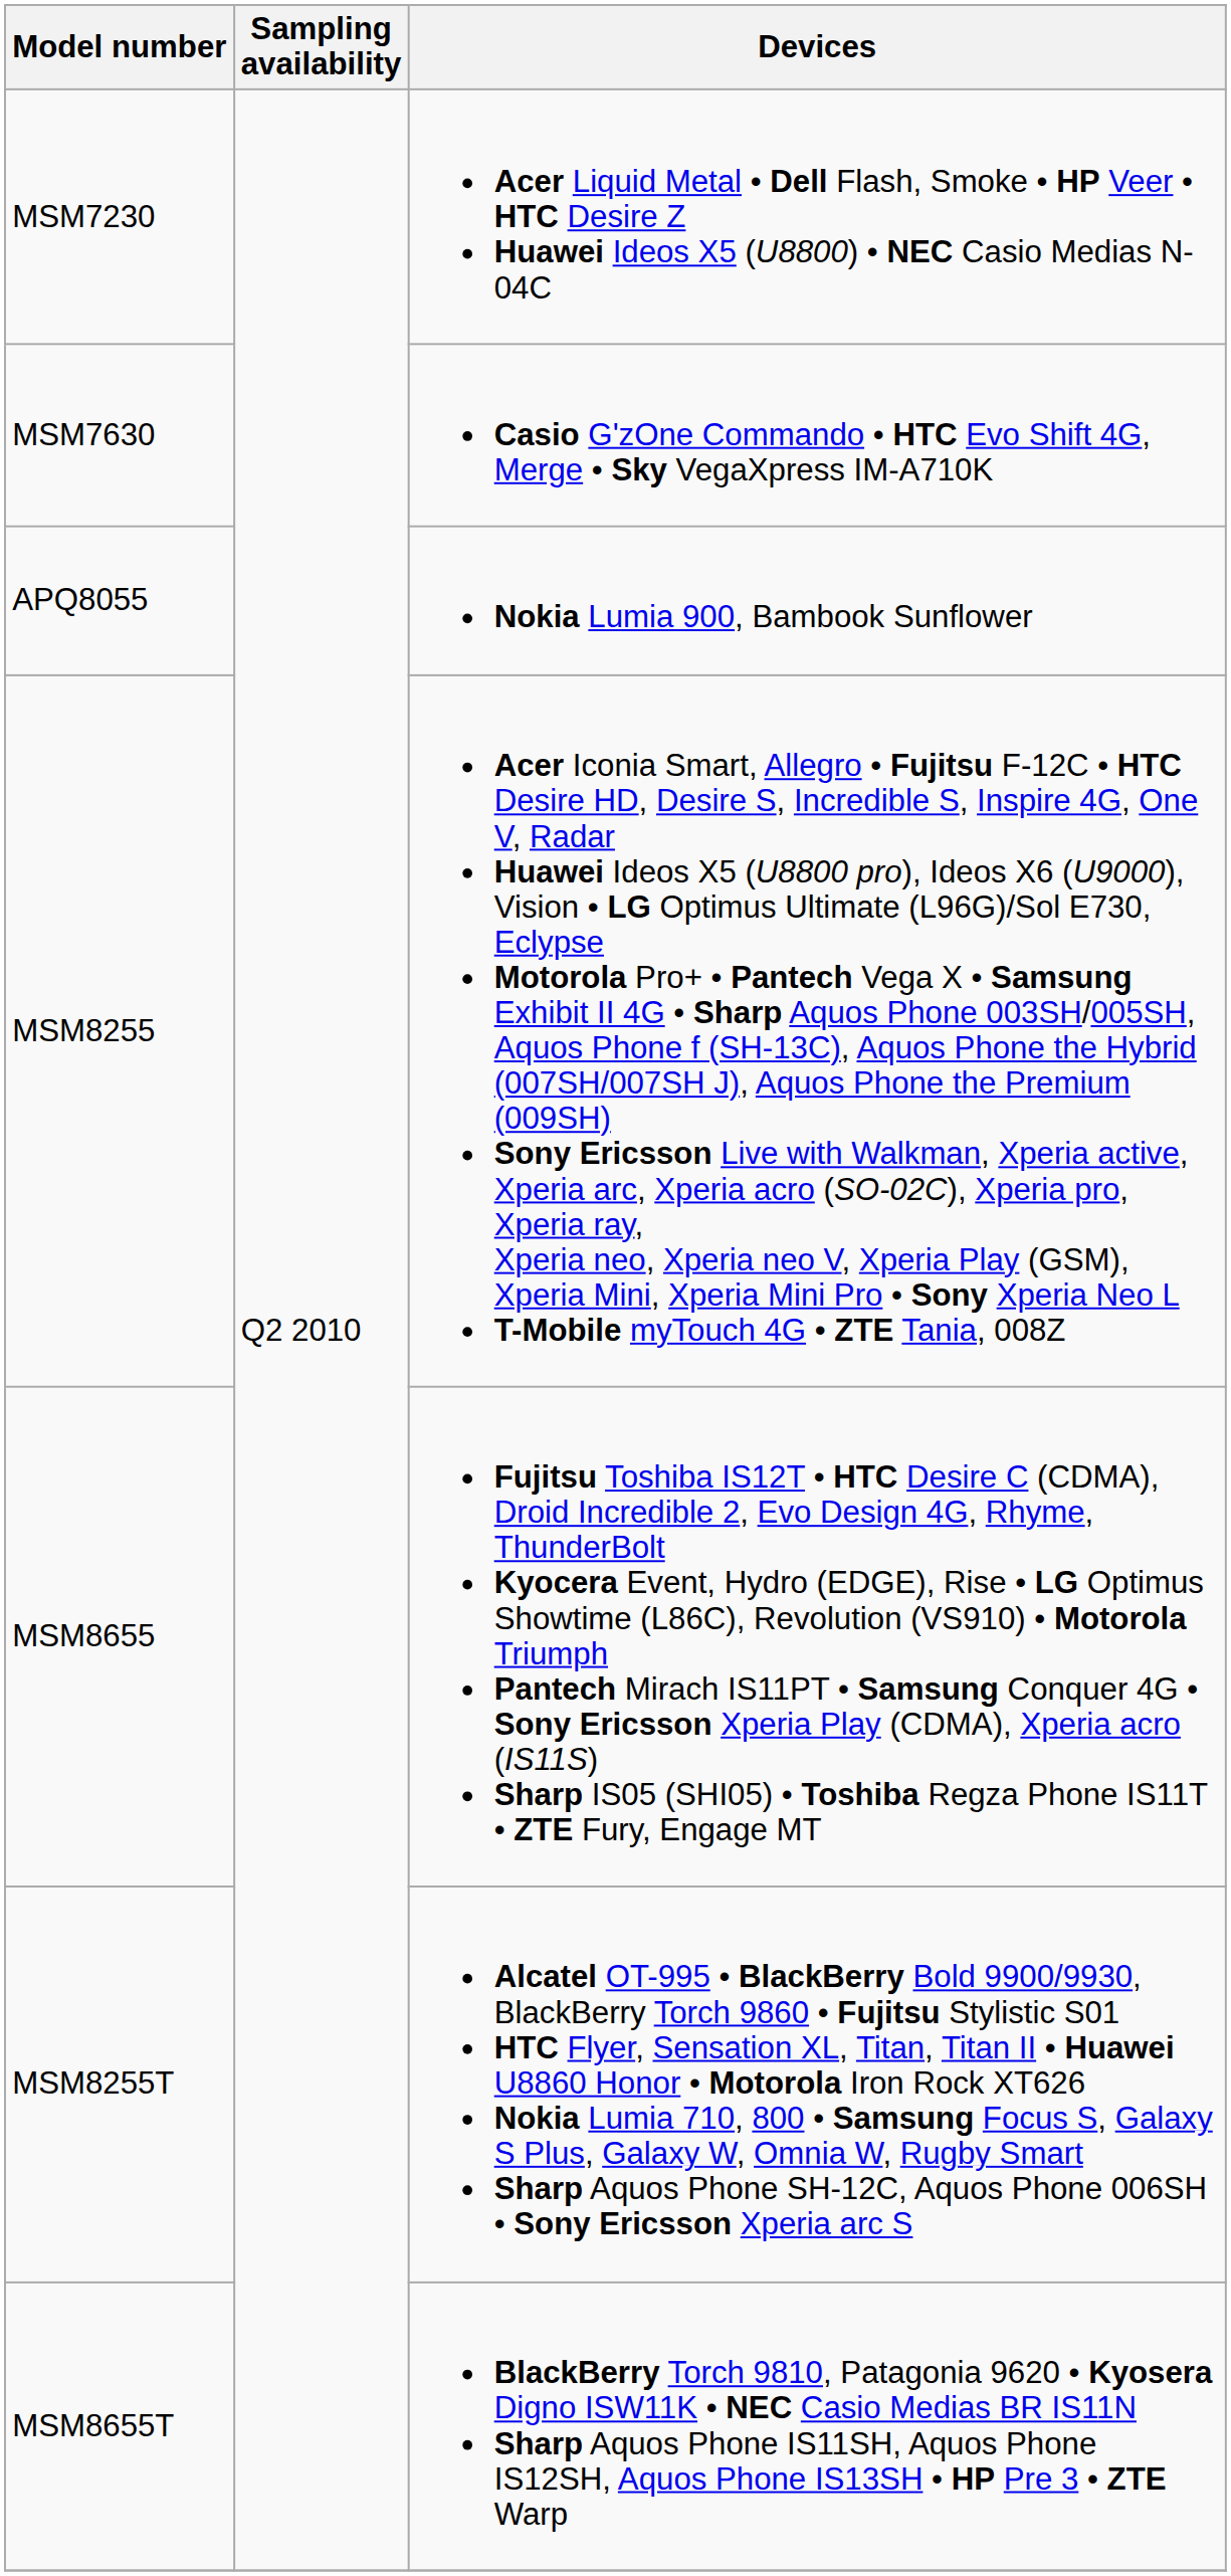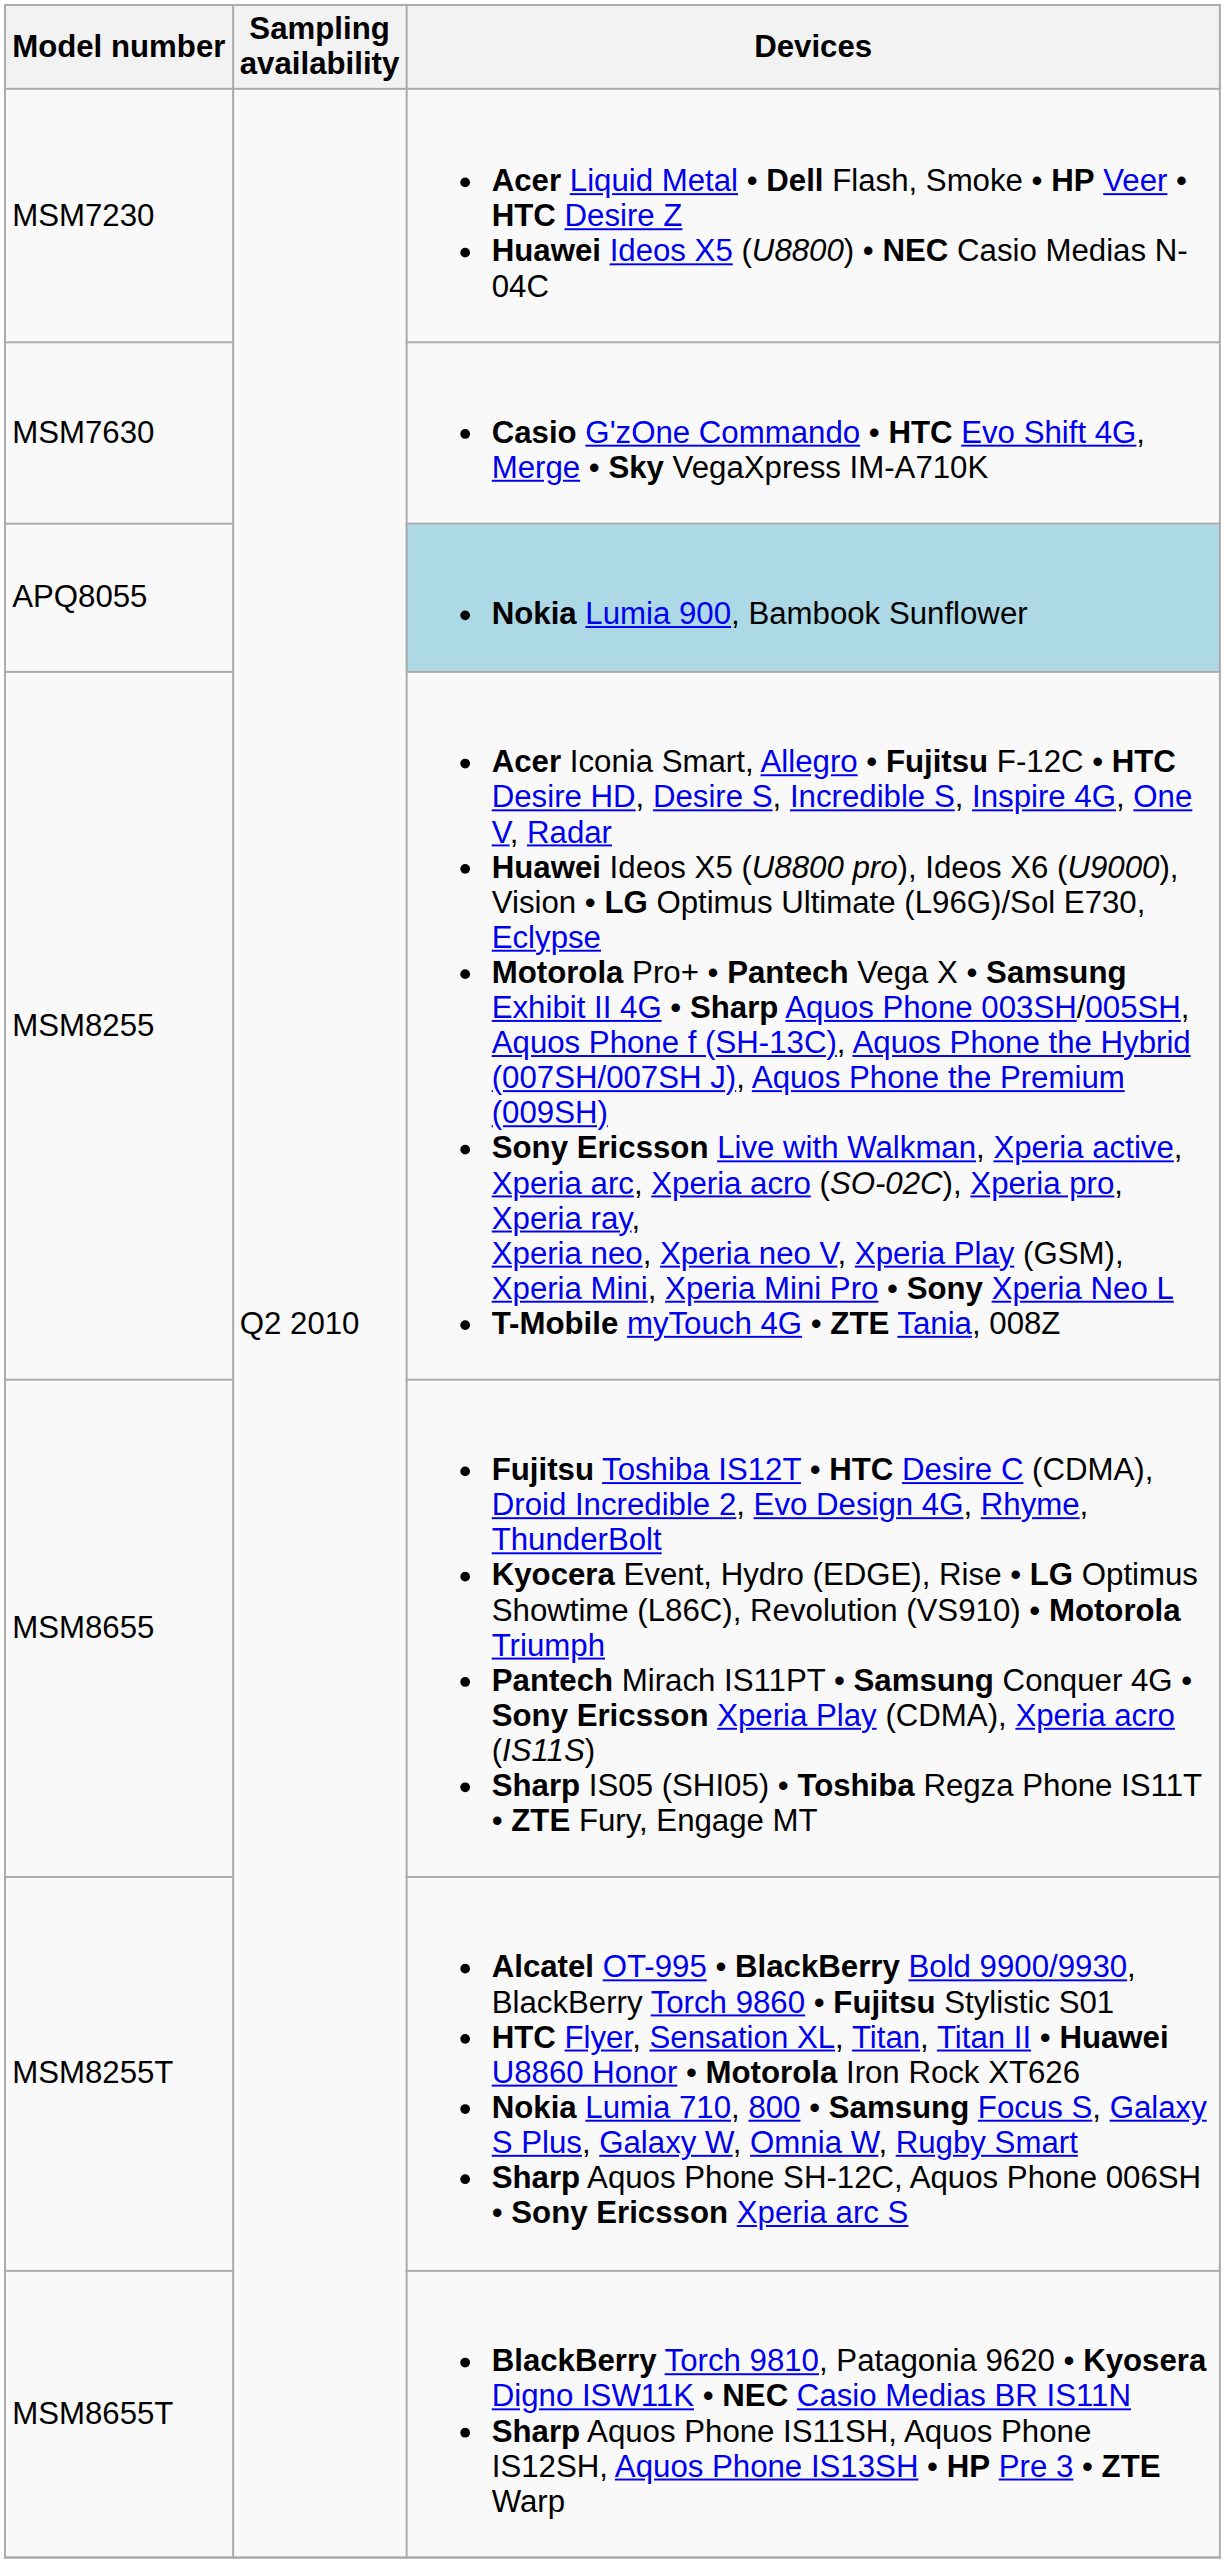 <table class="wikitable" style="width:100%">
 <tr>
 <th>Model number</th>
 <th>Sampling<br>availability</th>
 <th>Devices</th>
 </tr>
 <tr>
 <td>MSM7230</td>
 <td rowspan="7">Q2 2010</td>
 <td><br><ul><li><strong>Acer</strong> <a href='#'>Liquid Metal</a> • <strong>Dell</strong> Flash, Smoke • <strong>HP</strong> <a href='#'>Veer</a> • <strong>HTC</strong> <a href='#'>Desire Z</a></li><li><strong>Huawei</strong> <a href='#'>Ideos X5</a> (<em>U8800</em>) • <strong>NEC</strong> Casio Medias N-04C</li></ul></td>
 </tr>
 <tr>
 <td>MSM7630</td>
 <td><br><ul><li><strong>Casio</strong> <a href='#'>G'zOne Commando</a> • <strong>HTC</strong> <a href='#'>Evo Shift 4G</a>, <a href='#'>Merge</a> • <strong>Sky</strong> VegaXpress IM-A710K</li></ul></td>
 </tr>
 <tr>
 <td>APQ8055</td>
-<td><br><ul><li><strong>Nokia</strong> <a href='#'>Lumia 900</a>, Bambook Sunflower</li></ul></td>
+<td style="background: lightblue;"><br><ul><li><strong>Nokia</strong> <a href='#'>Lumia 900</a>, Bambook Sunflower</li></ul></td>
 </tr>
 <tr>
 <td>MSM8255</td>
 <td><br><ul><li><strong>Acer</strong> Iconia Smart, <a href='#'>Allegro</a> • <strong>Fujitsu</strong> F-12C • <strong>HTC</strong> <a href='#'>Desire HD</a>, <a href='#'>Desire S</a>, <a href='#'>Incredible S</a>, <a href='#'>Inspire 4G</a>, <a href='#'>One V</a>, <a href='#'>Radar</a></li><li><strong>Huawei</strong> Ideos X5 (<em>U8800 pro</em>), Ideos X6 (<em>U9000</em>), Vision • <strong>LG</strong> Optimus Ultimate (L96G)/Sol E730, <a href='#'>Eclypse</a></li><li><strong>Motorola</strong> Pro+ • <strong>Pantech</strong> Vega X • <strong>Samsung</strong> <a href='#'>Exhibit II 4G</a> • <strong>Sharp</strong> <a href='#'>Aquos Phone 003SH</a>/<a href='#'>005SH</a>, <br><a href='#'>Aquos Phone f (SH-13C)</a>, <a href='#'>Aquos Phone the Hybrid (007SH/007SH J)</a>, <a href='#'>Aquos Phone the Premium (009SH)</a></li><li><strong>Sony Ericsson</strong> <a href='#'>Live with Walkman</a>, <a href='#'>Xperia active</a>, <a href='#'>Xperia arc</a>, <a href='#'>Xperia acro</a> (<em>SO-02C</em>), <a href='#'>Xperia pro</a>, <a href='#'>Xperia ray</a>, <br><a href='#'>Xperia neo</a>, <a href='#'>Xperia neo V</a>, <a href='#'>Xperia Play</a> (GSM), <a href='#'>Xperia Mini</a>, <a href='#'>Xperia Mini Pro</a> • <strong>Sony</strong> <a href='#'>Xperia Neo L</a></li><li><strong>T-Mobile</strong> <a href='#'>myTouch 4G</a> • <strong>ZTE</strong> <a href='#'>Tania</a>, 008Z</li></ul></td>
 </tr>
 <tr>
 <td>MSM8655</td>
 <td><br><ul><li><strong>Fujitsu</strong> <a href='#'>Toshiba IS12T</a> • <strong>HTC</strong> <a href='#'>Desire C</a> (CDMA), <a href='#'>Droid Incredible 2</a>, <a href='#'>Evo Design 4G</a>, <a href='#'>Rhyme</a>, <a href='#'>ThunderBolt</a></li><li><strong>Kyocera</strong> Event, Hydro (EDGE), Rise • <strong>LG</strong> Optimus Showtime (L86C), Revolution (VS910) • <strong>Motorola</strong> <a href='#'>Triumph</a></li><li><strong>Pantech</strong> Mirach IS11PT • <strong>Samsung</strong> Conquer 4G • <strong>Sony Ericsson</strong> <a href='#'>Xperia Play</a> (CDMA), <a href='#'>Xperia acro</a> (<em>IS11S</em>)</li><li><strong>Sharp</strong> IS05 (SHI05) • <strong>Toshiba</strong> Regza Phone IS11T • <strong>ZTE</strong> Fury, Engage MT</li></ul></td>
 </tr>
 <tr>
 <td>MSM8255T</td>
 <td><br><ul><li><strong>Alcatel</strong> <a href='#'>OT-995</a> • <strong>BlackBerry</strong> <a href='#'>Bold 9900/9930</a>, BlackBerry <a href='#'>Torch 9860</a> • <strong>Fujitsu</strong> Stylistic S01</li><li><strong>HTC</strong> <a href='#'>Flyer</a>, <a href='#'>Sensation XL</a>, <a href='#'>Titan</a>, <a href='#'>Titan II</a> • <strong>Huawei</strong> <a href='#'>U8860 Honor</a> • <strong>Motorola</strong> Iron Rock XT626</li><li><strong>Nokia</strong> <a href='#'>Lumia 710</a>, <a href='#'>800</a> • <strong>Samsung</strong> <a href='#'>Focus S</a>, <a href='#'>Galaxy S Plus</a>, <a href='#'>Galaxy W</a>, <a href='#'>Omnia W</a>, <a href='#'>Rugby Smart</a></li><li><strong>Sharp</strong> Aquos Phone SH-12C, Aquos Phone 006SH • <strong>Sony Ericsson</strong> <a href='#'>Xperia arc S</a></li></ul></td>
 </tr>
 <tr>
 <td>MSM8655T</td>
 <td><br><ul><li><strong>BlackBerry</strong> <a href='#'>Torch 9810</a>, Patagonia 9620 • <strong>Kyosera</strong> <a href='#'>Digno ISW11K</a> • <strong>NEC</strong> <a href='#'>Casio Medias BR IS11N</a></li><li><strong>Sharp</strong> Aquos Phone IS11SH, Aquos Phone IS12SH, <a href='#'>Aquos Phone IS13SH</a> • <strong>HP</strong> <a href='#'>Pre 3</a> • <strong>ZTE</strong> Warp</li></ul></td>
 </tr>
 <tr>
 </tr>
 </table>
